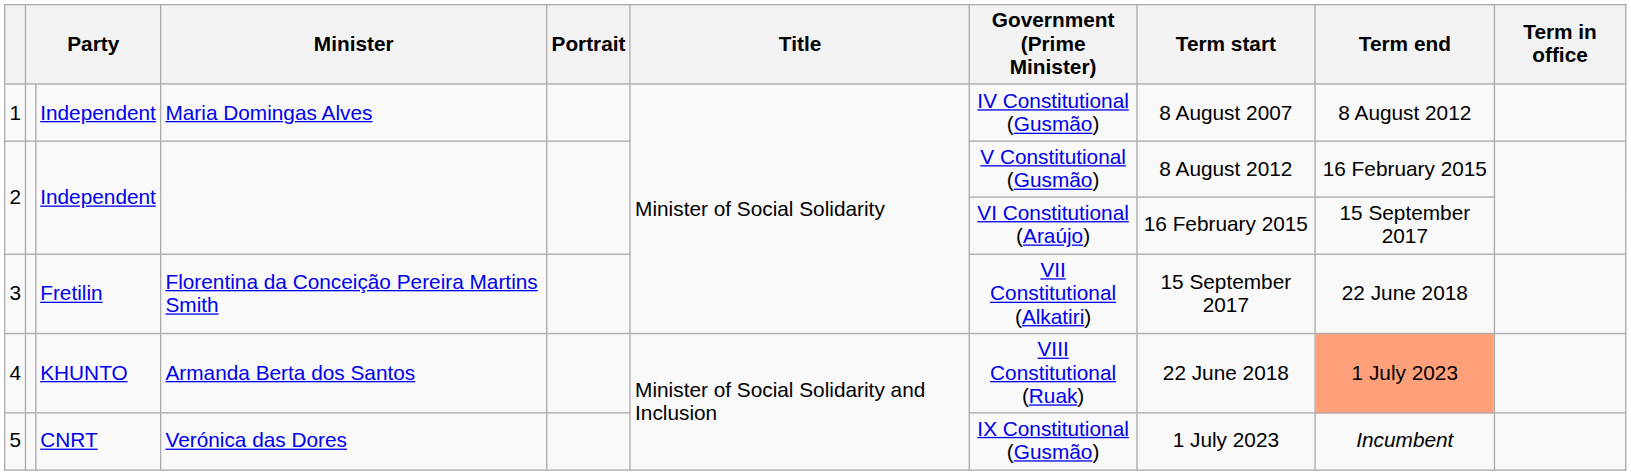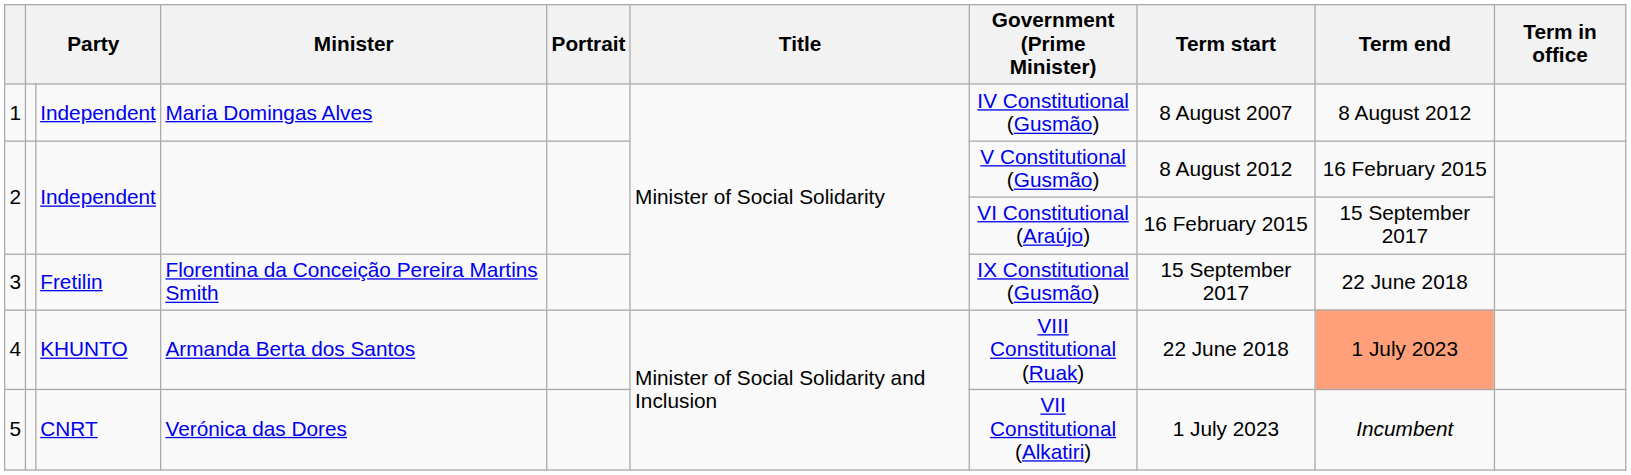 <table class="wikitable sortable">
 <tr>
 <th></th>
 <th colspan="2">Party</th>
 <th>Minister</th>
 <th>Portrait</th>
 <th>Title</th>
 <th>Government<br>(Prime Minister)</th>
 <th>Term start</th>
 <th>Term end</th>
 <th>Term in office</th>
 </tr>
 <tr>
 <td>1</td>
 <td style="background:"></td>
 <td><a href='#'>Independent</a></td>
 <td><a href='#'>Maria Domingas Alves</a></td>
 <td></td>
 <td rowspan=4>Minister of Social Solidarity</td>
 <td align=center><a href='#'>IV Constitutional</a><br>(<a href='#'>Gusmão</a>)</td>
 <td align=center>8 August 2007</td>
 <td align=center>8 August 2012</td>
 <td align=right></td>
 </tr>
 <tr>
 <td rowspan=2>2</td>
 <td rowspan=2 style="background:"></td>
 <td rowspan=2><a href='#'>Independent</a></td>
 <td rowspan=2></td>
 <td rowspan=2></td>
 <td align=center><a href='#'>V Constitutional</a><br>(<a href='#'>Gusmão</a>)</td>
 <td align=center>8 August 2012</td>
 <td align=center>16 February 2015</td>
 <td rowspan=2 align=right></td>
 </tr>
 <tr>
 <td align=center><a href='#'>VI Constitutional</a><br>(<a href='#'>Araújo</a>)</td>
 <td align=center>16 February 2015</td>
 <td align=center>15 September 2017</td>
 </tr>
 <tr>
 <td>3</td>
 <td style="background:"></td>
 <td><a href='#'>Fretilin</a></td>
 <td><a href='#'>Florentina da Conceição Pereira Martins Smith</a></td>
 <td></td>
-<td align=center><a href='#'>VII Constitutional</a><br>(<a href='#'>Alkatiri</a>)</td>
+<td align=center><a href='#'>IX Constitutional</a><br>(<a href='#'>Gusmão</a>)</td>
 <td align=center>15 September 2017</td>
 <td align=center>22 June 2018</td>
 <td align=right></td>
 </tr>
 <tr>
 <td>4</td>
 <td style="background:"></td>
 <td><a href='#'>KHUNTO</a></td>
 <td><a href='#'>Armanda Berta dos Santos</a></td>
 <td></td>
 <td rowspan=2>Minister of Social Solidarity and Inclusion</td>
 <td align=center><a href='#'>VIII Constitutional</a><br>(<a href='#'>Ruak</a>)</td>
 <td align=center>22 June 2018</td>
 <td align=center style="background: lightsalmon;">1 July 2023</td>
 <td align=right></td>
 </tr>
 <tr>
 <td>5</td>
 <td style="background:"></td>
 <td><a href='#'>CNRT</a></td>
 <td><a href='#'>Verónica das Dores</a></td>
 <td></td>
-<td align=center><a href='#'>IX Constitutional</a><br>(<a href='#'>Gusmão</a>)</td>
+<td align=center><a href='#'>VII Constitutional</a><br>(<a href='#'>Alkatiri</a>)</td>
 <td align=center>1 July 2023</td>
 <td align=center><em>Incumbent</em></td>
 <td align=right></td>
 </tr>
 </table>
